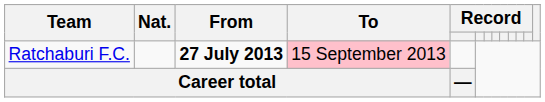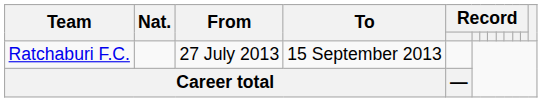 <table class="wikitable" style="text-align: center">
 <tr>
 <th rowspan="2">Team</th>
 <th rowspan="2">Nat.</th>
 <th rowspan="2">From</th>
 <th rowspan="2">To</th>
 <th colspan="8">Record</th>
 <th rowspan=2></th>
 </tr>
 <tr>
 <th></th>
 <th></th>
 <th></th>
 <th></th>
 <th></th>
 <th></th>
 <th></th>
 <th></th>
 </tr>
 <tr>
 <td align="left"><a href='#'>Ratchaburi F.C.</a></td>
 <td></td>
-<td align=left><strong>27 July 2013</strong></td>
-<td align=left style="background: pink;">15 September 2013<br></td>
+<td align=left>27 July 2013</td>
+<td align=left>15 September 2013<br></td>
 <td></td>
 </tr>
 <tr>
 <th colspan=4><strong>Career total</strong><br></th>
 <th>—</th>
 </tr>
 </table>
